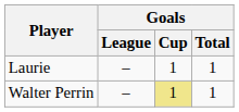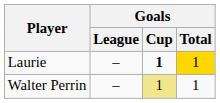 <table class="wikitable" style="text-align:center;">
 <tr>
 <th rowspan="2">Player</th>
 <th colspan="3">Goals</th>
 </tr>
 <tr>
 <th>League</th>
 <th>Cup</th>
 <th>Total</th>
 </tr>
 <tr>
 <td style="text-align:left;">Laurie</td>
 <td>–</td>
-<td>1</td>
-<td>1</td>
+<td><strong>1</strong></td>
+<td style="background: gold;">1</td>
 </tr>
 <tr>
 <td style="text-align:left;">Walter Perrin</td>
 <td>–</td>
 <td style="background: khaki;">1</td>
 <td>1</td>
 </tr>
 </table>
